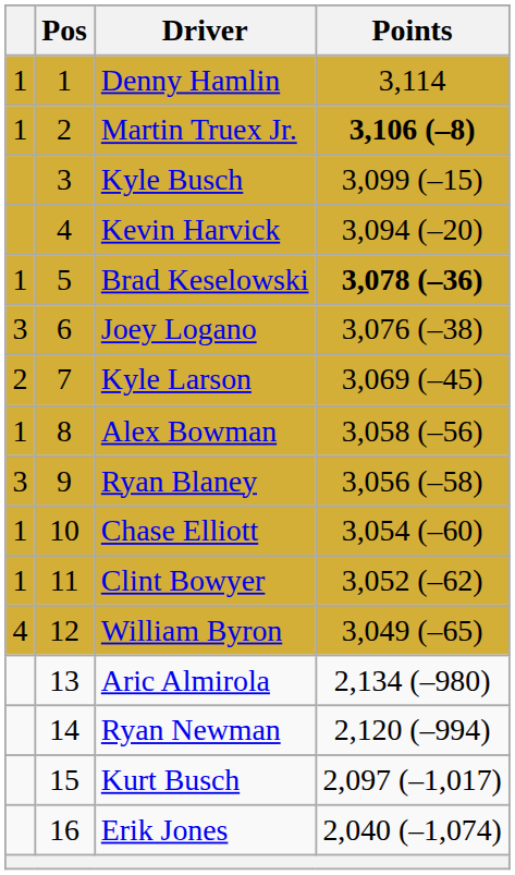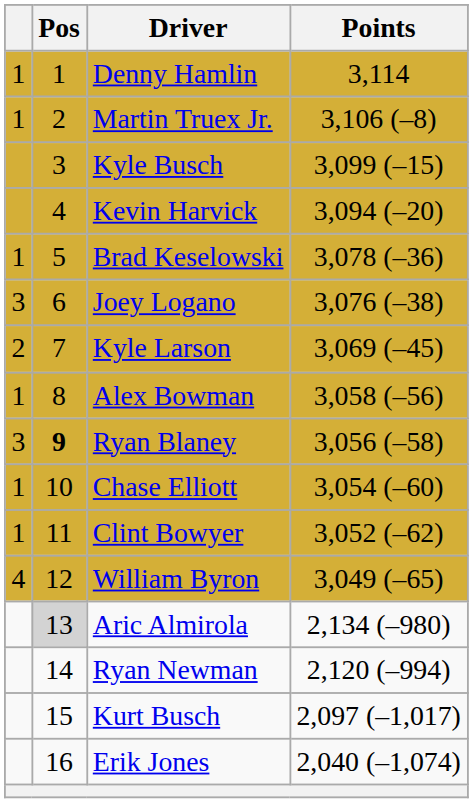 <table class="wikitable" style="font-size: 95%">
 <tr>
 <th></th>
 <th>Pos</th>
 <th>Driver</th>
 <th>Points</th>
 </tr>
 <tr style="background:#D4AF37;">
 <td align="left"> 1</td>
 <td style="text-align:center;">1</td>
 <td><a href='#'>Denny Hamlin</a></td>
 <td style="text-align:center;">3,114</td>
 </tr>
 <tr style="background:#D4AF37;">
 <td align="left"> 1</td>
 <td style="text-align:center;">2</td>
 <td><a href='#'>Martin Truex Jr.</a></td>
-<td style="text-align:center;"><strong>3,106 (–8)</strong></td>
+<td style="text-align:center;">3,106 (–8)</td>
 </tr>
 <tr style="background:#D4AF37;">
 <td align="left"></td>
 <td style="text-align:center;">3</td>
 <td><a href='#'>Kyle Busch</a></td>
 <td style="text-align:center;">3,099 (–15)</td>
 </tr>
 <tr style="background:#D4AF37;">
 <td align="left"></td>
 <td style="text-align:center;">4</td>
 <td><a href='#'>Kevin Harvick</a></td>
 <td style="text-align:center;">3,094 (–20)</td>
 </tr>
 <tr style="background:#D4AF37;">
 <td align="left"> 1</td>
 <td style="text-align:center;">5</td>
 <td><a href='#'>Brad Keselowski</a></td>
-<td style="text-align:center;"><strong>3,078 (–36)</strong></td>
+<td style="text-align:center;">3,078 (–36)</td>
 </tr>
 <tr style="background:#D4AF37;">
 <td align="left"> 3</td>
 <td style="text-align:center;">6</td>
 <td><a href='#'>Joey Logano</a></td>
 <td style="text-align:center;">3,076 (–38)</td>
 </tr>
 <tr style="background:#D4AF37;">
 <td align="left"> 2</td>
 <td style="text-align:center;">7</td>
 <td><a href='#'>Kyle Larson</a></td>
 <td style="text-align:center;">3,069 (–45)</td>
 </tr>
 <tr style="background:#D4AF37;">
 <td align="left"> 1</td>
 <td style="text-align:center;">8</td>
 <td><a href='#'>Alex Bowman</a></td>
 <td style="text-align:center;">3,058 (–56)</td>
 </tr>
 <tr style="background:#D4AF37;">
 <td align="left"> 3</td>
-<td style="text-align:center;">9</td>
+<td style="text-align:center;"><strong>9</strong></td>
 <td><a href='#'>Ryan Blaney</a></td>
 <td style="text-align:center;">3,056 (–58)</td>
 </tr>
 <tr style="background:#D4AF37;">
 <td align="left"> 1</td>
 <td style="text-align:center;">10</td>
 <td><a href='#'>Chase Elliott</a></td>
 <td style="text-align:center;">3,054 (–60)</td>
 </tr>
 <tr style="background:#D4AF37;">
 <td align="left"> 1</td>
 <td style="text-align:center;">11</td>
 <td><a href='#'>Clint Bowyer</a></td>
 <td style="text-align:center;">3,052 (–62)</td>
 </tr>
 <tr style="background:#D4AF37;">
 <td align="left"> 4</td>
 <td style="text-align:center;">12</td>
 <td><a href='#'>William Byron</a></td>
 <td style="text-align:center;">3,049 (–65)</td>
 </tr>
 <tr>
 <td align="left"></td>
-<td style="text-align:center;">13</td>
+<td style="background: lightgrey; text-align:center;">13</td>
 <td><a href='#'>Aric Almirola</a></td>
 <td style="text-align:center;">2,134 (–980)</td>
 </tr>
 <tr>
 <td align="left"></td>
 <td style="text-align:center;">14</td>
 <td><a href='#'>Ryan Newman</a></td>
 <td style="text-align:center;">2,120 (–994)</td>
 </tr>
 <tr>
 <td align="left"></td>
 <td style="text-align:center;">15</td>
 <td><a href='#'>Kurt Busch</a></td>
 <td style="text-align:center;">2,097 (–1,017)</td>
 </tr>
 <tr>
 <td align="left"></td>
 <td style="text-align:center;">16</td>
 <td><a href='#'>Erik Jones</a></td>
 <td style="text-align:center;">2,040 (–1,074)</td>
 </tr>
 <tr class="sortbottom">
 <th colspan="9"></th>
 </tr>
 </table>
